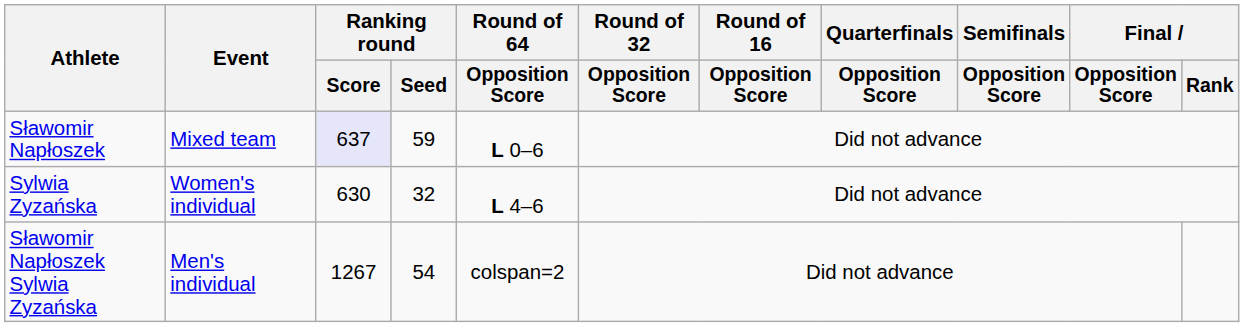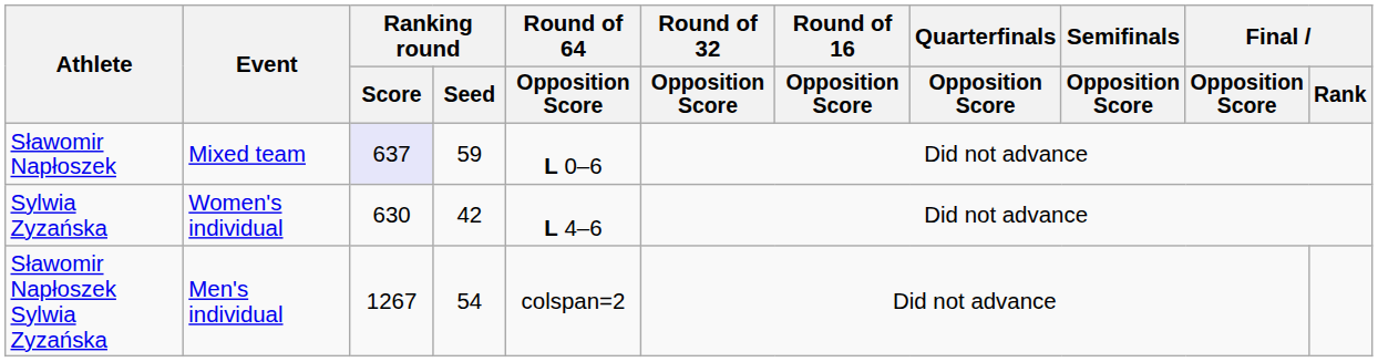 <table class="wikitable" style="text-align:center; font-size:90%">
 <tr>
 <th rowspan=2>Athlete</th>
 <th rowspan=2>Event</th>
 <th colspan=2>Ranking round</th>
 <th>Round of 64</th>
 <th>Round of 32</th>
 <th>Round of 16</th>
 <th>Quarterfinals</th>
 <th>Semifinals</th>
 <th colspan=2>Final / </th>
 </tr>
 <tr style="font-size:95%">
 <th>Score</th>
 <th>Seed</th>
 <th>Opposition<br>Score</th>
 <th>Opposition<br>Score</th>
 <th>Opposition<br>Score</th>
 <th>Opposition<br>Score</th>
 <th>Opposition<br>Score</th>
 <th>Opposition<br>Score</th>
 <th>Rank</th>
 </tr>
 <tr>
 <td align=left><a href='#'>Sławomir Napłoszek</a></td>
 <td align=left><a href='#'>Mixed team</a></td>
 <td style="background: lavender;">637</td>
 <td>59</td>
 <td><br><strong>L</strong> 0–6</td>
 <td colspan=6>Did not advance</td>
 </tr>
 <tr>
 <td align=left><a href='#'>Sylwia Zyzańska</a></td>
 <td align=left><a href='#'>Women's individual</a></td>
 <td>630</td>
-<td>32</td>
+<td>42</td>
 <td><br><strong>L</strong> 4–6</td>
 <td colspan=6>Did not advance</td>
 </tr>
 <tr>
 <td align=left><a href='#'>Sławomir Napłoszek</a><br><a href='#'>Sylwia Zyzańska</a></td>
 <td align=left><a href='#'>Men's individual</a></td>
 <td>1267</td>
 <td>54</td>
 <td>colspan=2 </td>
 <td colspan=5>Did not advance</td>
 </tr>
 </table>
